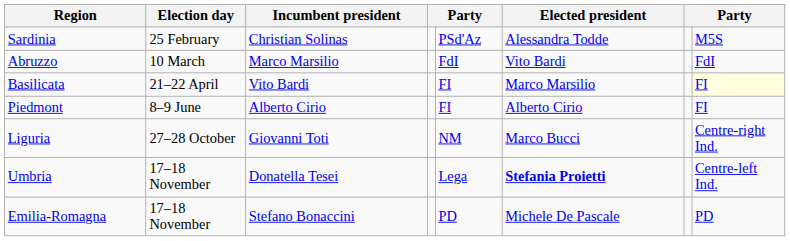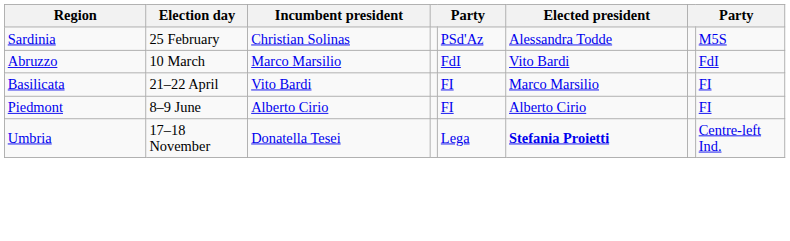 <table class="wikitable sortable" style="valign:top;">
 <tr>
 <th style="width:150px;">Region</th>
 <th>Election day</th>
 <th style="width:195px;">Incumbent president</th>
 <th colspan=2 style="width:80px;">Party</th>
 <th style="width:195px;">Elected president</th>
 <th colspan=2 style="width:80px;">Party</th>
 </tr>
 <tr>
 <td><a href='#'>Sardinia</a></td>
 <td>25 February</td>
 <td><a href='#'>Christian Solinas</a></td>
 <td width="1"></td>
 <td align="left"><a href='#'>PSd'Az</a></td>
 <td><a href='#'>Alessandra Todde</a></td>
 <td width="1"></td>
 <td align="left"><a href='#'>M5S</a></td>
 </tr>
 <tr>
 <td><a href='#'>Abruzzo</a></td>
 <td>10 March</td>
 <td><a href='#'>Marco Marsilio</a></td>
 <td width="1"></td>
 <td align="left"><a href='#'>FdI</a></td>
 <td><a href='#'>Vito Bardi</a></td>
 <td width="1"></td>
 <td align="left"><a href='#'>FdI</a></td>
 </tr>
 <tr>
 <td><a href='#'>Basilicata</a></td>
 <td>21–22 April</td>
 <td><a href='#'>Vito Bardi</a></td>
 <td width="1"></td>
 <td align="left"><a href='#'>FI</a></td>
 <td><a href='#'>Marco Marsilio</a></td>
 <td width="1"></td>
-<td align="left" style="background: lightyellow;"><a href='#'>FI</a></td>
+<td align="left"><a href='#'>FI</a></td>
 </tr>
 <tr>
 <td><a href='#'>Piedmont</a></td>
 <td>8–9 June</td>
 <td><a href='#'>Alberto Cirio</a></td>
 <td width="1"></td>
 <td align="left"><a href='#'>FI</a></td>
 <td><a href='#'>Alberto Cirio</a></td>
 <td width="1"></td>
 <td align="left"><a href='#'>FI</a></td>
 </tr>
 <tr>
-<td><a href='#'>Liguria</a></td>
-<td>27–28 October</td>
-<td><a href='#'>Giovanni Toti</a></td>
-<td width="1"></td>
-<td align="left"><a href='#'>NM</a></td>
-<td><a href='#'>Marco Bucci</a></td>
-<td width="1"></td>
-<td align="left"><a href='#'>Centre-right Ind.</a></td>
-</tr>
-<tr>
 <td><a href='#'>Umbria</a></td>
 <td>17–18 November</td>
 <td><a href='#'>Donatella Tesei</a></td>
 <td width="1"></td>
 <td align="left"><a href='#'>Lega</a></td>
 <td><strong><a href='#'>Stefania Proietti</a></strong></td>
 <td width="1"></td>
 <td align="left"><a href='#'>Centre-left Ind.</a></td>
 </tr>
-<tr>
-<td><a href='#'>Emilia-Romagna</a></td>
-<td>17–18 November</td>
-<td><a href='#'>Stefano Bonaccini</a></td>
-<td width="1"></td>
-<td align="left"><a href='#'>PD</a></td>
-<td><a href='#'>Michele De Pascale</a></td>
-<td width="1"></td>
-<td align="left"><a href='#'>PD</a></td>
-</tr>
 </table>
